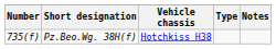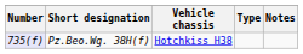 <table class="wikitable sortable">
 <tr>
 </tr>
 <tr>
 <th>Number</th>
 <th>Short designation</th>
 <th>Vehicle<br>chassis</th>
 <th>Type</th>
 <th>Notes</th>
 </tr>
 <tr>
-<td><em>735(f)</em></td>
+<td style="background: lavender;"><em>735(f)</em></td>
 <td><em>Pz.Beo.Wg. 38H(f)</em></td>
 <td><a href='#'>Hotchkiss H38</a></td>
 <td></td>
 <td></td>
 </tr>
 </table>
